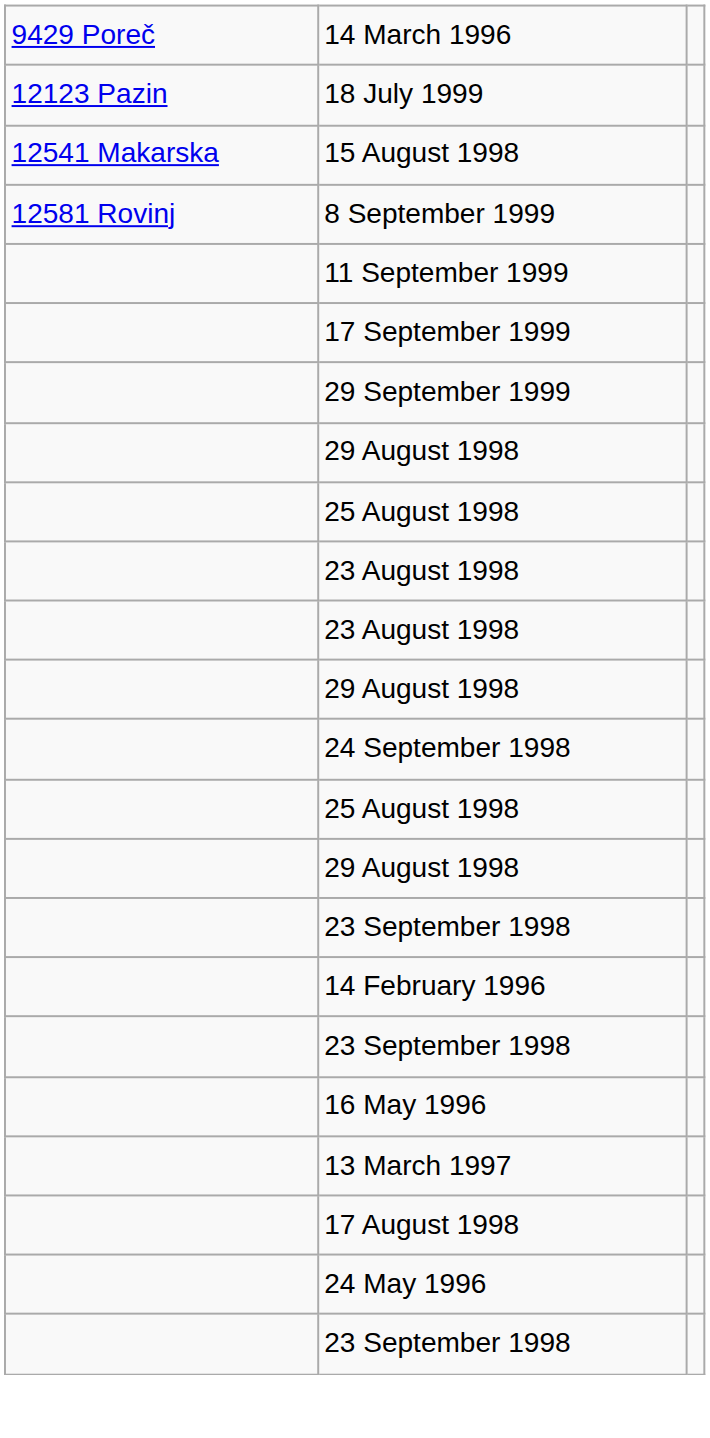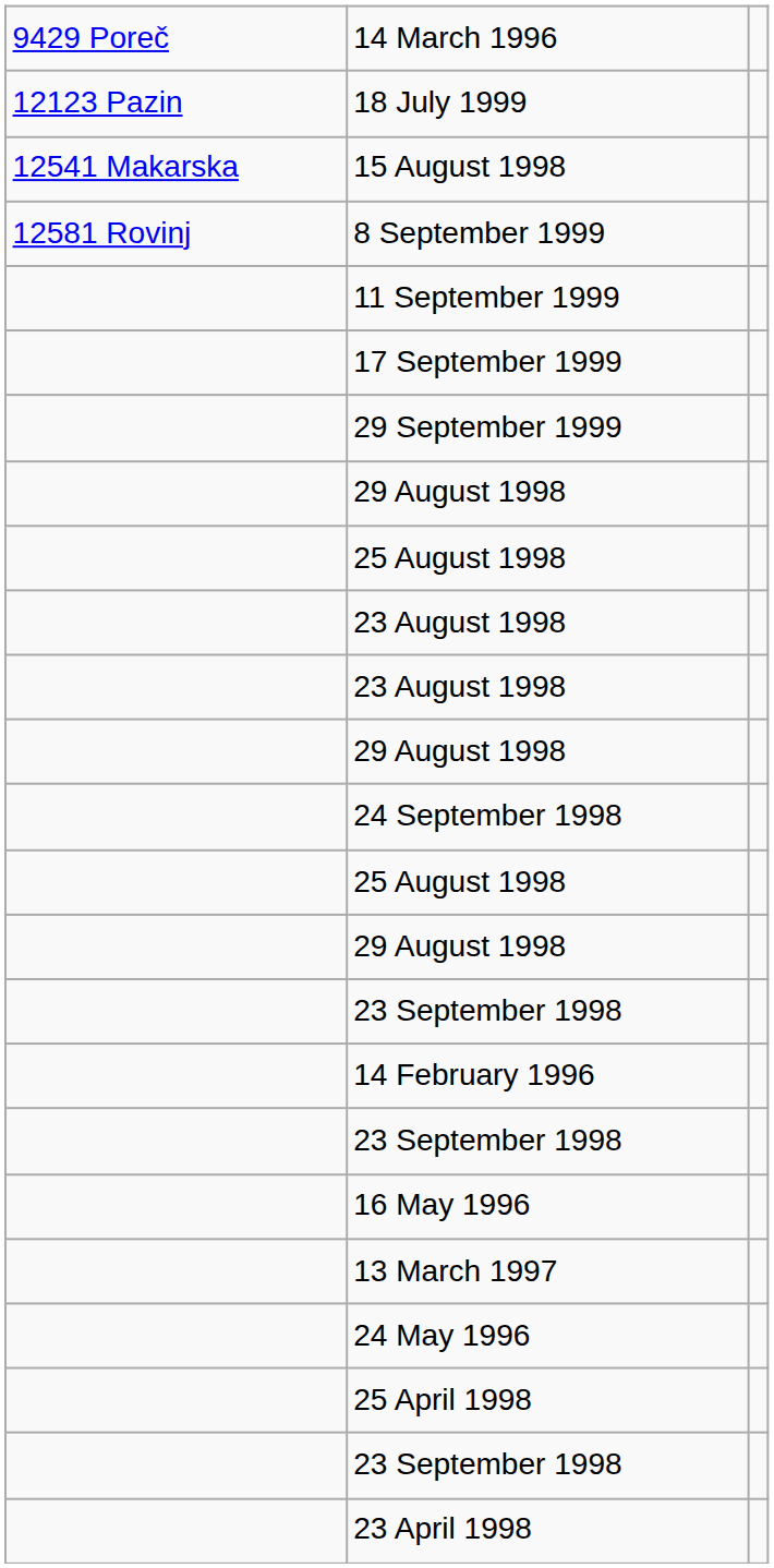 <table class="wikitable" style="font-size: 89%; float: left; width: 25em; margin-right: 1em; line-height: 1.65em !important; height: 675px;">
 <tr>
 <td><a href='#'>9429 Poreč</a></td>
 <td>14 March 1996</td>
 <td></td>
 </tr>
 <tr>
 <td><a href='#'>12123 Pazin</a></td>
 <td>18 July 1999</td>
 <td></td>
 </tr>
 <tr>
 <td><a href='#'>12541 Makarska</a></td>
 <td>15 August 1998</td>
 <td></td>
 </tr>
 <tr>
 <td><a href='#'>12581 Rovinj</a></td>
 <td>8 September 1999</td>
 <td></td>
 </tr>
 <tr>
 <td></td>
 <td>11 September 1999</td>
 <td></td>
 </tr>
 <tr>
 <td></td>
 <td>17 September 1999</td>
 <td></td>
 </tr>
 <tr>
 <td></td>
 <td>29 September 1999</td>
 <td></td>
 </tr>
 <tr>
 <td></td>
 <td>29 August 1998</td>
 <td></td>
 </tr>
 <tr>
 <td></td>
 <td>25 August 1998</td>
 <td></td>
 </tr>
 <tr>
 <td></td>
 <td>23 August 1998</td>
 <td></td>
 </tr>
 <tr>
 <td></td>
 <td>23 August 1998</td>
 <td></td>
 </tr>
 <tr>
 <td></td>
 <td>29 August 1998</td>
 <td></td>
 </tr>
 <tr>
 <td></td>
 <td>24 September 1998</td>
 <td></td>
 </tr>
 <tr>
 <td></td>
 <td>25 August 1998</td>
 <td></td>
 </tr>
 <tr>
 <td></td>
 <td>29 August 1998</td>
 <td></td>
 </tr>
 <tr>
 <td></td>
 <td>23 September 1998</td>
 <td></td>
 </tr>
 <tr>
 <td></td>
 <td>14 February 1996</td>
 <td></td>
 </tr>
 <tr>
 <td></td>
 <td>23 September 1998</td>
 <td></td>
 </tr>
 <tr>
 <td></td>
 <td>16 May 1996</td>
 <td></td>
 </tr>
 <tr>
 <td></td>
 <td>13 March 1997</td>
 <td></td>
 </tr>
 <tr>
 <td></td>
-<td>17 August 1998</td>
+<td>24 May 1996</td>
 <td></td>
 </tr>
 <tr>
 <td></td>
-<td>24 May 1996</td>
+<td>25 April 1998</td>
 <td></td>
 </tr>
 <tr>
 <td></td>
 <td>23 September 1998</td>
 <td></td>
 </tr>
+<tr>
+<td></td>
+<td>23 April 1998</td>
+<td></td>
+</tr>
 </table>
